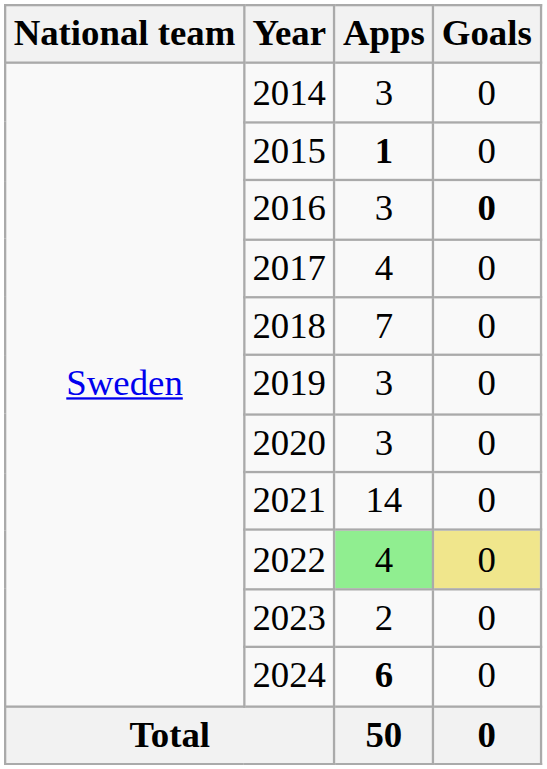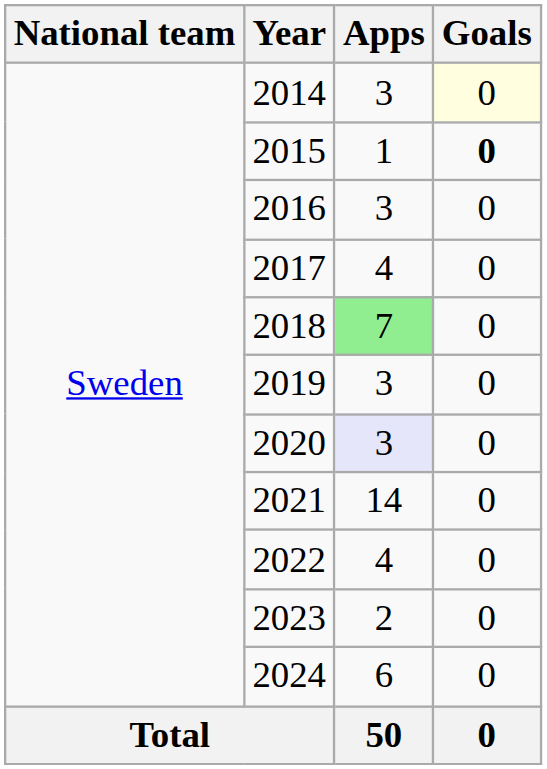 <table class="wikitable" style="text-align:center">
 <tr>
 <th>National team</th>
 <th>Year</th>
 <th>Apps</th>
 <th>Goals</th>
 </tr>
 <tr>
 <td rowspan="11"><a href='#'>Sweden</a></td>
 <td>2014</td>
 <td>3</td>
-<td>0</td>
+<td style="background: lightyellow;">0</td>
 </tr>
 <tr>
 <td>2015</td>
-<td><strong>1</strong></td>
-<td>0</td>
+<td>1</td>
+<td><strong>0</strong></td>
 </tr>
 <tr>
 <td>2016</td>
 <td>3</td>
-<td><strong>0</strong></td>
+<td>0</td>
 </tr>
 <tr>
 <td>2017</td>
 <td>4</td>
 <td>0</td>
 </tr>
 <tr>
 <td>2018</td>
-<td>7</td>
+<td style="background: lightgreen;">7</td>
 <td>0</td>
 </tr>
 <tr>
 <td>2019</td>
 <td>3</td>
 <td>0</td>
 </tr>
 <tr>
 <td>2020</td>
-<td>3</td>
+<td style="background: lavender;">3</td>
 <td>0</td>
 </tr>
 <tr>
 <td>2021</td>
 <td>14</td>
 <td>0</td>
 </tr>
 <tr>
 <td>2022</td>
-<td style="background: lightgreen;">4</td>
-<td style="background: khaki;">0</td>
+<td>4</td>
+<td>0</td>
 </tr>
 <tr>
 <td>2023</td>
 <td>2</td>
 <td>0</td>
 </tr>
 <tr>
 <td>2024</td>
-<td><strong>6</strong></td>
+<td>6</td>
 <td>0</td>
 </tr>
 <tr>
 <th colspan="2">Total</th>
 <th>50</th>
 <th>0</th>
 </tr>
 </table>
